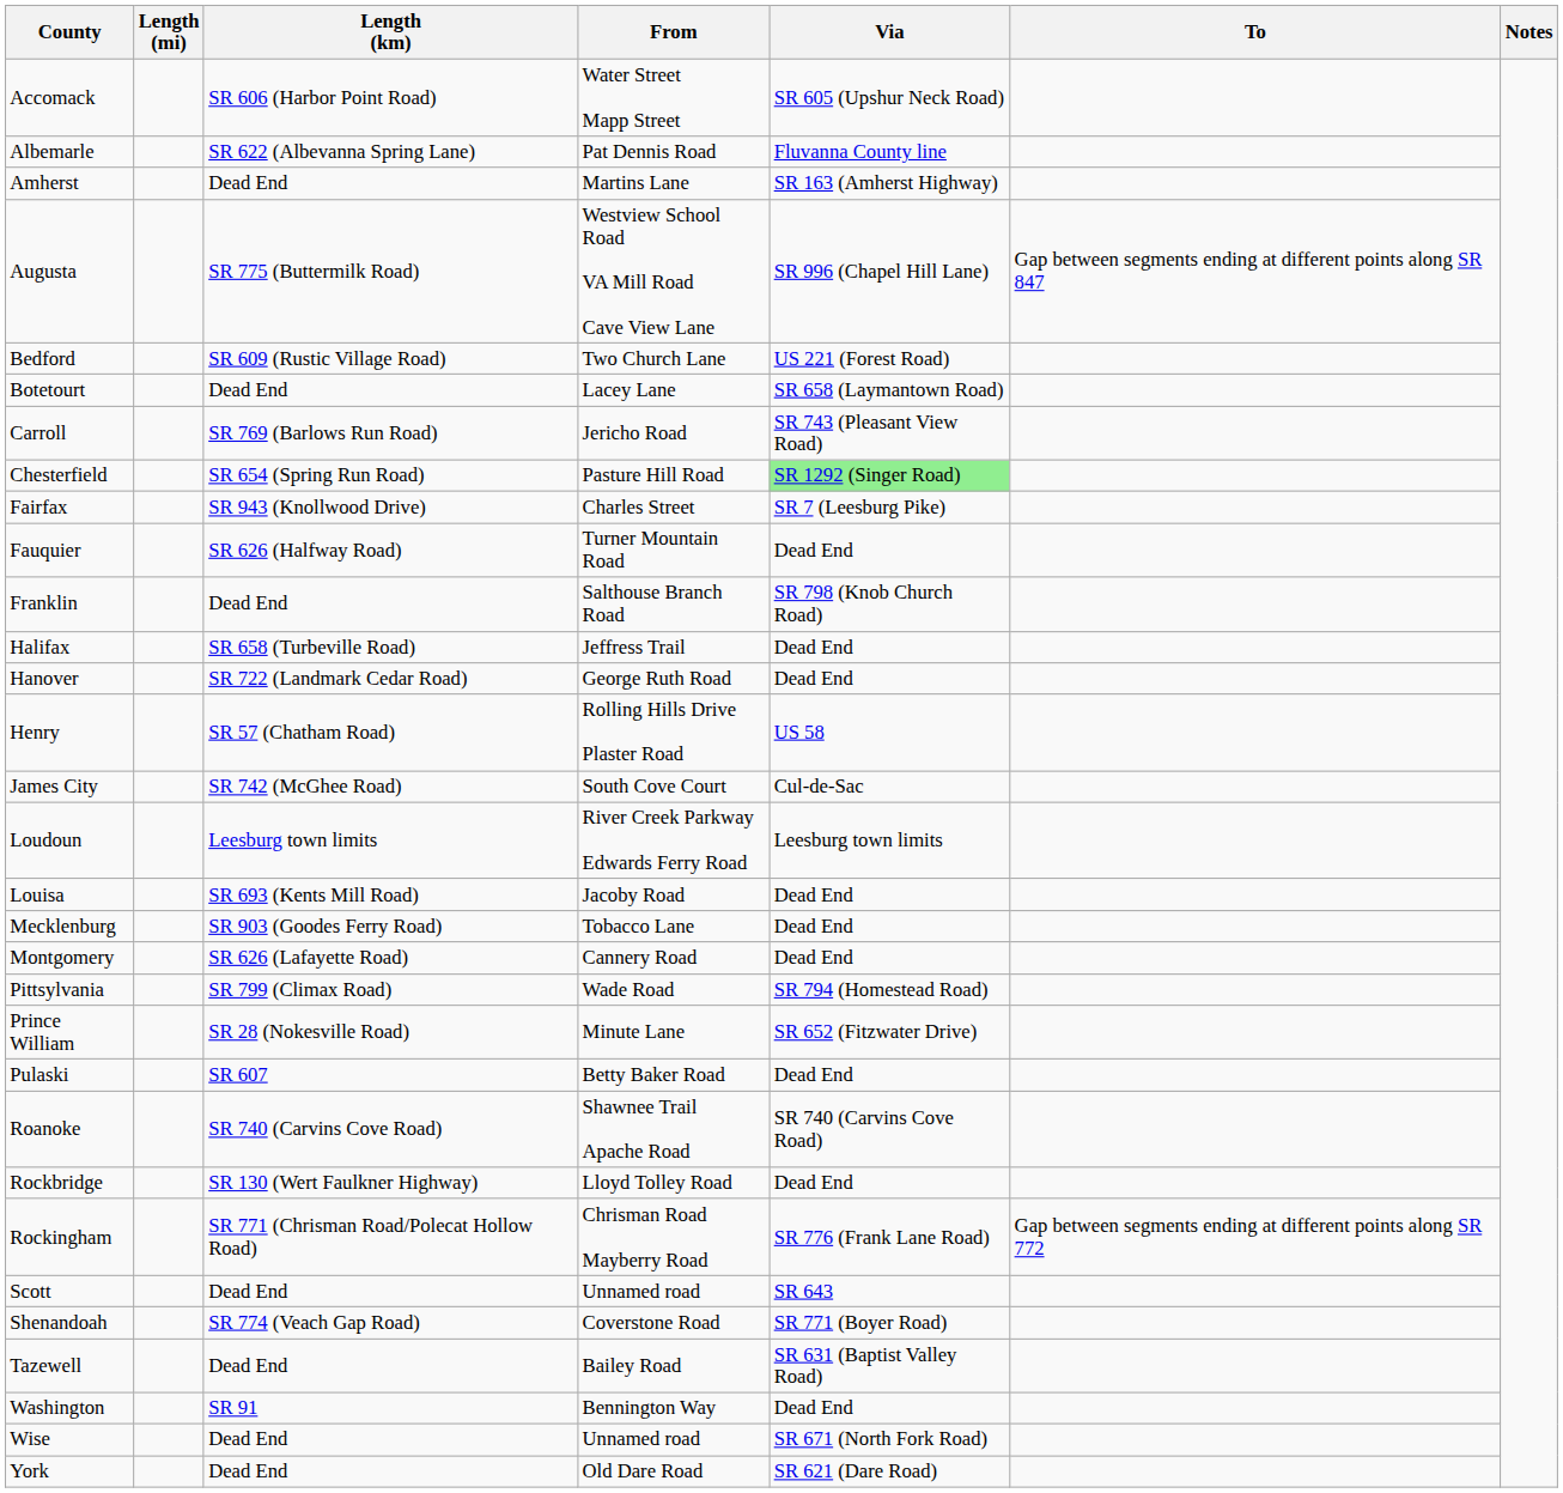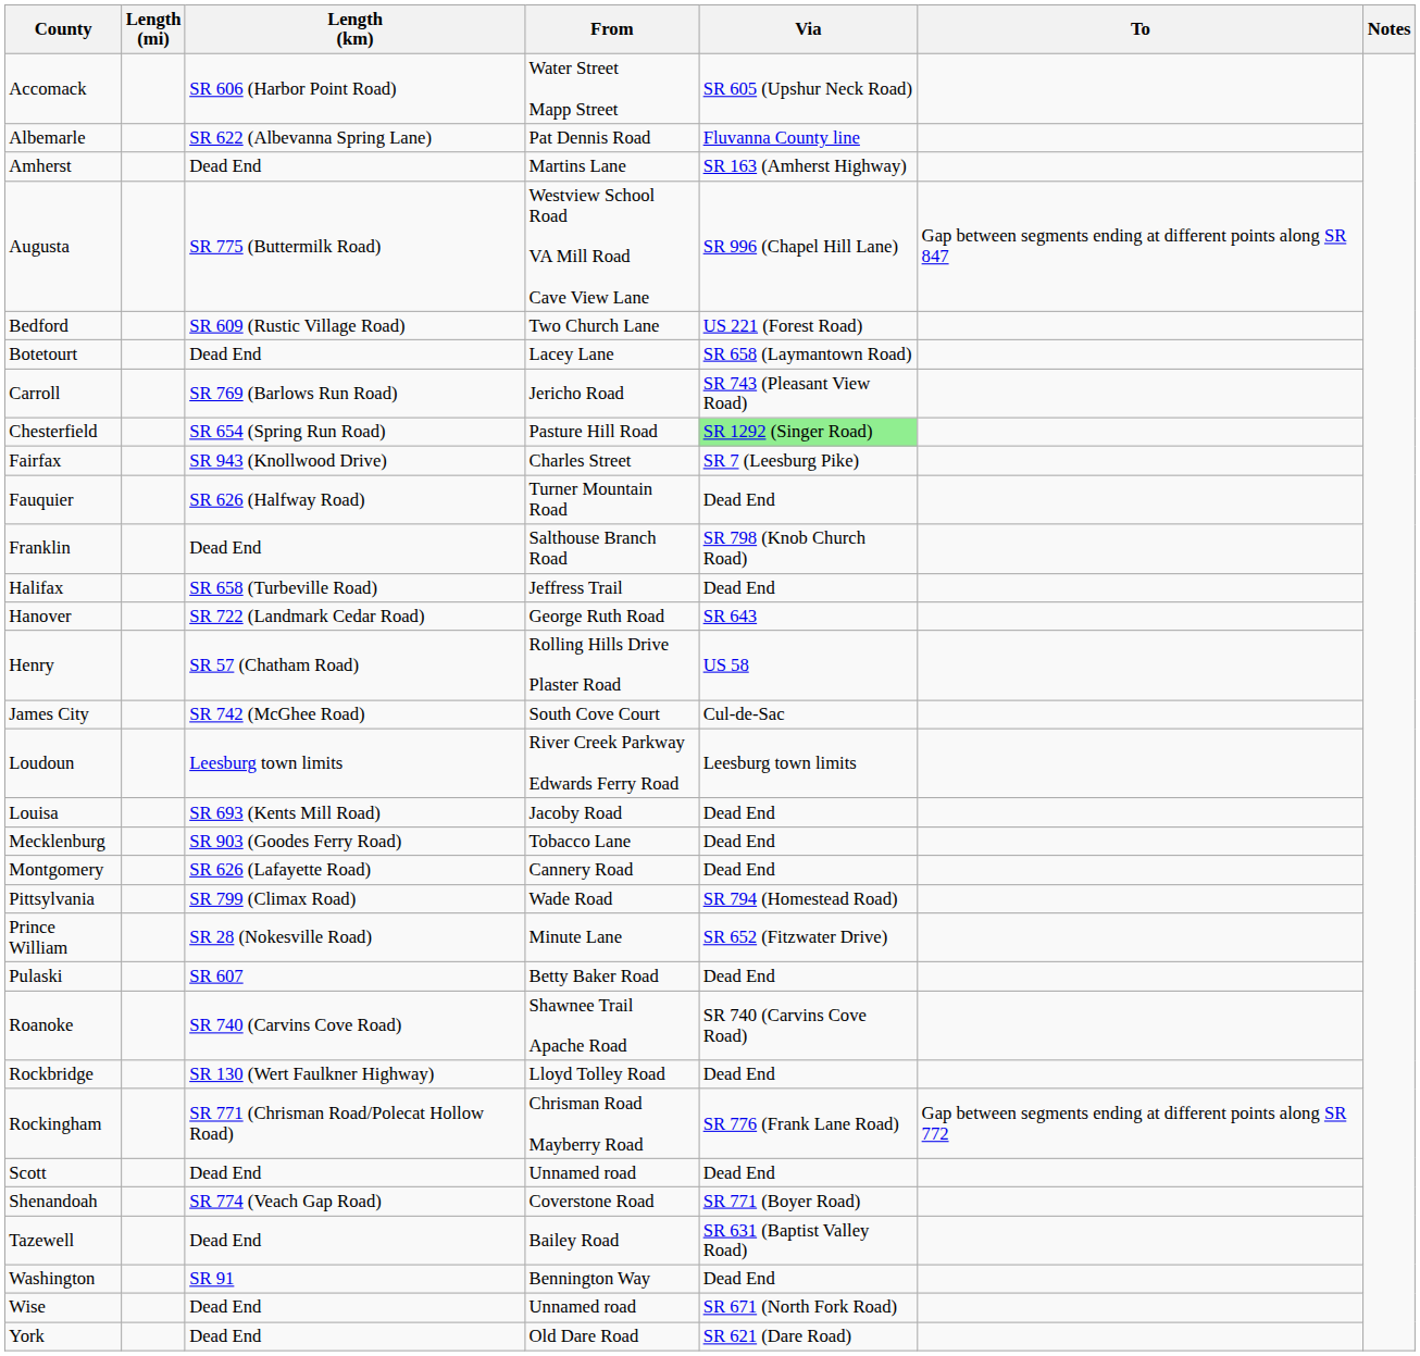 <table class="wikitable sortable">
 <tr>
 <th>County</th>
 <th>Length<br>(mi)</th>
 <th>Length<br>(km)</th>
 <th class="unsortable">From</th>
 <th class="unsortable">Via</th>
 <th class="unsortable">To</th>
 <th class="unsortable">Notes</th>
 </tr>
 <tr>
 <td id="Accomack">Accomack</td>
 <td></td>
 <td><a href='#'>SR 606</a> (Harbor Point Road)</td>
 <td>Water Street<br><br>Mapp Street</td>
 <td><a href='#'>SR 605</a> (Upshur Neck Road)</td>
 <td></td>
 </tr>
 <tr>
 <td id="Albemarle">Albemarle</td>
 <td></td>
 <td><a href='#'>SR 622</a> (Albevanna Spring Lane)</td>
 <td>Pat Dennis Road</td>
 <td><a href='#'>Fluvanna County line</a></td>
 <td><br> </td>
 </tr>
 <tr>
 <td id="Amherst">Amherst</td>
 <td></td>
 <td>Dead End</td>
 <td>Martins Lane</td>
 <td><a href='#'>SR 163</a> (Amherst Highway)</td>
 <td><br> </td>
 </tr>
 <tr>
 <td id="Augusta">Augusta</td>
 <td></td>
 <td><a href='#'>SR 775</a> (Buttermilk Road)</td>
 <td>Westview School Road<br><br>VA Mill Road<br><br>Cave View Lane</td>
 <td><a href='#'>SR 996</a> (Chapel Hill Lane)</td>
 <td>Gap between segments ending at different points along <a href='#'>SR 847</a><br></td>
 </tr>
 <tr>
 <td id="Bedford">Bedford</td>
 <td></td>
 <td><a href='#'>SR 609</a> (Rustic Village Road)</td>
 <td>Two Church Lane</td>
 <td><a href='#'>US 221</a> (Forest Road)</td>
 <td><br></td>
 </tr>
 <tr>
 <td id="Botetourt">Botetourt</td>
 <td></td>
 <td>Dead End</td>
 <td>Lacey Lane</td>
 <td><a href='#'>SR 658</a> (Laymantown Road)</td>
 <td><br>    </td>
 </tr>
 <tr>
 <td id="Carroll">Carroll</td>
 <td></td>
 <td><a href='#'>SR 769</a> (Barlows Run Road)</td>
 <td>Jericho Road</td>
 <td><a href='#'>SR 743</a> (Pleasant View Road)</td>
 <td><br> </td>
 </tr>
 <tr>
 <td id="Chesterfield">Chesterfield</td>
 <td></td>
 <td><a href='#'>SR 654</a> (Spring Run Road)</td>
 <td>Pasture Hill Road</td>
 <td style="background: lightgreen;"><a href='#'>SR 1292</a> (Singer Road)</td>
 <td><br>      </td>
 </tr>
 <tr>
 <td id="Fairfax">Fairfax</td>
 <td></td>
 <td><a href='#'>SR 943</a> (Knollwood Drive)</td>
 <td>Charles Street</td>
 <td><a href='#'>SR 7</a> (Leesburg Pike)</td>
 <td></td>
 </tr>
 <tr>
 <td id="Fauquier">Fauquier</td>
 <td></td>
 <td><a href='#'>SR 626</a> (Halfway Road)</td>
 <td>Turner Mountain Road</td>
 <td>Dead End</td>
 <td><br> </td>
 </tr>
 <tr>
 <td id="Franklin">Franklin</td>
 <td></td>
 <td>Dead End</td>
 <td>Salthouse Branch Road</td>
 <td><a href='#'>SR 798</a> (Knob Church Road)</td>
 <td><br>      </td>
 </tr>
 <tr>
 <td id="Halifax">Halifax</td>
 <td></td>
 <td><a href='#'>SR 658</a> (Turbeville Road)</td>
 <td>Jeffress Trail</td>
 <td>Dead End</td>
 <td></td>
 </tr>
 <tr>
 <td id="Hanover">Hanover</td>
 <td></td>
 <td><a href='#'>SR 722</a> (Landmark Cedar Road)</td>
 <td>George Ruth Road</td>
-<td>Dead End</td>
+<td><a href='#'>SR 643</a></td>
 <td><br></td>
 </tr>
 <tr>
 <td id="Henry">Henry</td>
 <td></td>
 <td><a href='#'>SR 57</a> (Chatham Road)</td>
 <td>Rolling Hills Drive<br><br>Plaster Road</td>
 <td><a href='#'>US 58</a></td>
 <td><br> </td>
 </tr>
 <tr>
 <td id="James City">James City</td>
 <td></td>
 <td><a href='#'>SR 742</a> (McGhee Road)</td>
 <td>South Cove Court</td>
 <td>Cul-de-Sac</td>
 <td><br>    </td>
 </tr>
 <tr>
 <td id="Loudoun">Loudoun</td>
 <td></td>
 <td><a href='#'>Leesburg</a> town limits</td>
 <td>River Creek Parkway<br><br>Edwards Ferry Road</td>
 <td>Leesburg town limits</td>
 <td></td>
 </tr>
 <tr>
 <td id="Louisa">Louisa</td>
 <td></td>
 <td><a href='#'>SR 693</a> (Kents Mill Road)</td>
 <td>Jacoby Road</td>
 <td>Dead End</td>
 <td><br>  </td>
 </tr>
 <tr>
 <td id="Mecklenburg">Mecklenburg</td>
 <td></td>
 <td><a href='#'>SR 903</a> (Goodes Ferry Road)</td>
 <td>Tobacco Lane</td>
 <td>Dead End</td>
 <td><br></td>
 </tr>
 <tr>
 <td id="Montgomery">Montgomery</td>
 <td></td>
 <td><a href='#'>SR 626</a> (Lafayette Road)</td>
 <td>Cannery Road</td>
 <td>Dead End</td>
 <td><br>       </td>
 </tr>
 <tr>
 <td id="Pittsylvania">Pittsylvania</td>
 <td></td>
 <td><a href='#'>SR 799</a> (Climax Road)</td>
 <td>Wade Road</td>
 <td><a href='#'>SR 794</a> (Homestead Road)</td>
 <td><br>  </td>
 </tr>
 <tr>
 <td id="Prince William">Prince William</td>
 <td></td>
 <td><a href='#'>SR 28</a> (Nokesville Road)</td>
 <td>Minute Lane</td>
 <td><a href='#'>SR 652</a> (Fitzwater Drive)</td>
 <td></td>
 </tr>
 <tr>
 <td id="Pulaski">Pulaski</td>
 <td></td>
 <td><a href='#'>SR 607</a></td>
 <td>Betty Baker Road</td>
 <td>Dead End</td>
 <td><br> </td>
 </tr>
 <tr>
 <td id="Roanoke">Roanoke</td>
 <td></td>
 <td><a href='#'>SR 740</a> (Carvins Cove Road)</td>
 <td>Shawnee Trail<br><br>Apache Road</td>
 <td>SR 740 (Carvins Cove Road)</td>
 <td></td>
 </tr>
 <tr>
 <td id="Rockbridge">Rockbridge</td>
 <td></td>
 <td><a href='#'>SR 130</a> (Wert Faulkner Highway)</td>
 <td>Lloyd Tolley Road</td>
 <td>Dead End</td>
 <td></td>
 </tr>
 <tr>
 <td id="Rockingham">Rockingham</td>
 <td></td>
 <td><a href='#'>SR 771</a> (Chrisman Road/Polecat Hollow Road)</td>
 <td>Chrisman Road<br><br>Mayberry Road</td>
 <td><a href='#'>SR 776</a> (Frank Lane Road)</td>
 <td>Gap between segments ending at different points along <a href='#'>SR 772</a><br></td>
 </tr>
 <tr>
 <td id="Scott">Scott</td>
 <td></td>
 <td>Dead End</td>
 <td>Unnamed road</td>
-<td><a href='#'>SR 643</a></td>
+<td>Dead End</td>
 <td></td>
 </tr>
 <tr>
 <td id="Shenandoah">Shenandoah</td>
 <td></td>
 <td><a href='#'>SR 774</a> (Veach Gap Road)</td>
 <td>Coverstone Road</td>
 <td><a href='#'>SR 771</a> (Boyer Road)</td>
 <td><br>     </td>
 </tr>
 <tr>
 <td id="Tazewell">Tazewell</td>
 <td></td>
 <td>Dead End</td>
 <td>Bailey Road</td>
 <td><a href='#'>SR 631</a> (Baptist Valley Road)</td>
 <td><br></td>
 </tr>
 <tr>
 <td id="Washington">Washington</td>
 <td></td>
 <td><a href='#'>SR 91</a></td>
 <td>Bennington Way</td>
 <td>Dead End</td>
 <td><br></td>
 </tr>
 <tr>
 <td id="Wise">Wise</td>
 <td></td>
 <td>Dead End</td>
 <td>Unnamed road</td>
 <td><a href='#'>SR 671</a> (North Fork Road)</td>
 <td><br></td>
 </tr>
 <tr>
 <td id="York">York</td>
 <td></td>
 <td>Dead End</td>
 <td>Old Dare Road</td>
 <td><a href='#'>SR 621</a> (Dare Road)</td>
 <td></td>
 </tr>
 </table>
